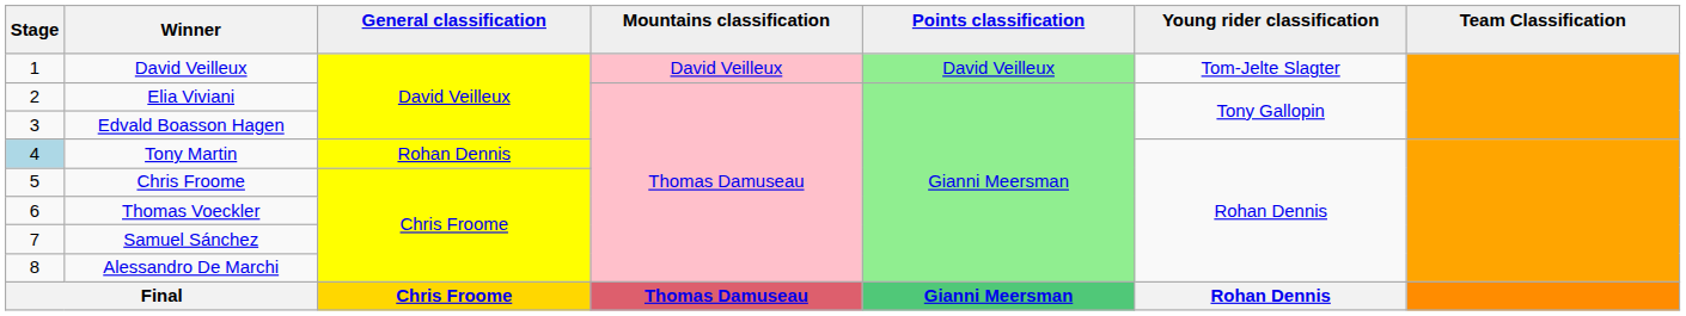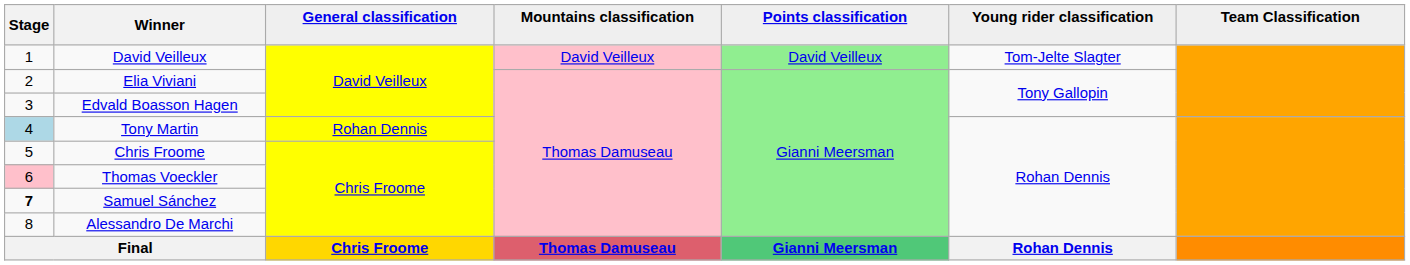 <table class="wikitable" style="text-align: center; font-size:smaller;">
 <tr style="background-color: #efefef;">
 <th width="1%">Stage</th>
 <th width="14%">Winner</th>
 <th style="background:#EFEFEF;" width="15%"><a href='#'>General classification</a><br><br></th>
 <th style="background:#EFEFEF;" width="15%">Mountains classification<br><br></th>
 <th style="background:#EFEFEF;" width="15%"><a href='#'>Points classification</a><br><br></th>
 <th style="background:#EFEFEF;" width="15%">Young rider classification<br><br></th>
 <th style="background:#EFEFEF;" width="15%">Team Classification<br><br></th>
 </tr>
 <tr>
 <td>1</td>
 <td><a href='#'>David Veilleux</a></td>
 <td style="background:yellow;" rowspan=3><a href='#'>David Veilleux</a></td>
 <td style="background:pink"><a href='#'>David Veilleux</a></td>
 <td style="background:lightgreen;"><a href='#'>David Veilleux</a></td>
 <td style="background:offwhite;"><a href='#'>Tom-Jelte Slagter</a></td>
 <td style="background:orange;" rowspan=3></td>
 </tr>
 <tr>
 <td>2</td>
 <td><a href='#'>Elia Viviani</a></td>
 <td style="background:pink" rowspan=7><a href='#'>Thomas Damuseau</a></td>
 <td style="background:lightgreen;" rowspan=7><a href='#'>Gianni Meersman</a></td>
 <td style="background:offwhite;" rowspan=2><a href='#'>Tony Gallopin</a></td>
 </tr>
 <tr>
 <td>3</td>
 <td><a href='#'>Edvald Boasson Hagen</a></td>
 </tr>
 <tr>
 <td style="background: lightblue;">4</td>
 <td><a href='#'>Tony Martin</a></td>
 <td style="background:yellow;"><a href='#'>Rohan Dennis</a></td>
 <td style="background:offwhite;" rowspan=5><a href='#'>Rohan Dennis</a></td>
 <td style="background:orange;" rowspan=5></td>
 </tr>
 <tr>
 <td>5</td>
 <td><a href='#'>Chris Froome</a></td>
 <td style="background:yellow;" rowspan=4><a href='#'>Chris Froome</a></td>
 </tr>
 <tr>
-<td>6</td>
+<td style="background: pink;">6</td>
 <td><a href='#'>Thomas Voeckler</a></td>
 </tr>
 <tr>
-<td>7</td>
+<td><strong>7</strong></td>
 <td><a href='#'>Samuel Sánchez</a></td>
 </tr>
 <tr>
 <td>8</td>
 <td><a href='#'>Alessandro De Marchi</a></td>
 </tr>
 <tr>
 <th colspan=2><strong>Final</strong></th>
 <th style="background:gold;"><a href='#'>Chris Froome</a></th>
 <th style="background:#DD5F6D;"><a href='#'>Thomas Damuseau</a></th>
 <th style="background:#50C878;"><a href='#'>Gianni Meersman</a></th>
 <th style="background:offwhite;"><a href='#'>Rohan Dennis</a></th>
 <th style="background:#FF8C00;"></th>
 </tr>
 </table>
